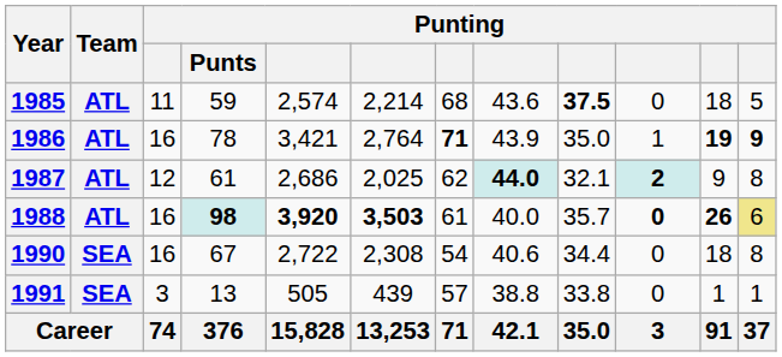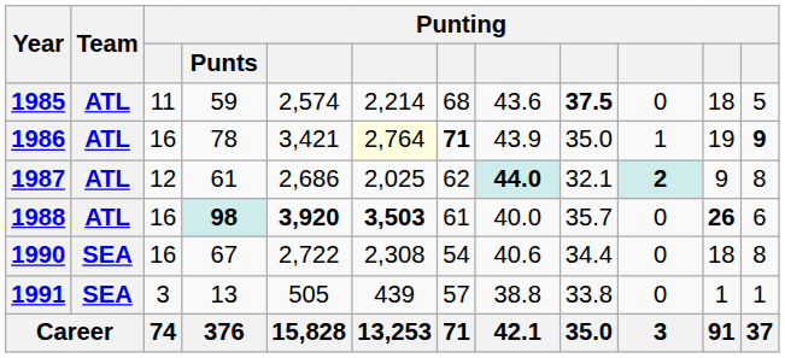 <table class=wikitable style="text-align:center;">
 <tr>
 <th rowspan="2">Year</th>
 <th rowspan="2">Team</th>
 <th colspan="10">Punting</th>
 </tr>
 <tr>
 <th></th>
 <th>Punts</th>
 <th></th>
 <th></th>
 <th></th>
 <th></th>
 <th></th>
 <th></th>
 <th></th>
 <th></th>
 </tr>
 <tr>
 <th><a href='#'>1985</a></th>
 <th><a href='#'>ATL</a></th>
 <td>11</td>
 <td>59</td>
 <td>2,574</td>
 <td>2,214</td>
 <td>68</td>
 <td>43.6</td>
 <td><strong>37.5</strong></td>
 <td>0</td>
 <td>18</td>
 <td>5</td>
 </tr>
 <tr>
 <th><a href='#'>1986</a></th>
 <th><a href='#'>ATL</a></th>
 <td>16</td>
 <td>78</td>
 <td>3,421</td>
-<td>2,764</td>
+<td style="background: lightyellow;">2,764</td>
 <td><strong>71</strong></td>
 <td>43.9</td>
 <td>35.0</td>
 <td>1</td>
-<td><strong>19</strong></td>
+<td>19</td>
 <td><strong>9</strong></td>
 </tr>
 <tr>
 <th><a href='#'>1987</a></th>
 <th><a href='#'>ATL</a></th>
 <td>12</td>
 <td>61</td>
 <td>2,686</td>
 <td>2,025</td>
 <td>62</td>
 <td style="background:#cfecec; width:3em;"><strong>44.0</strong></td>
 <td>32.1</td>
 <td style="background:#cfecec; width:3em;"><strong>2</strong></td>
 <td>9</td>
 <td>8</td>
 </tr>
 <tr>
 <th><a href='#'>1988</a></th>
 <th><a href='#'>ATL</a></th>
 <td>16</td>
 <td style="background:#cfecec; width:3em;"><strong>98</strong></td>
 <td><strong>3,920</strong></td>
 <td><strong>3,503</strong></td>
 <td>61</td>
 <td>40.0</td>
 <td>35.7</td>
-<td><strong>0</strong></td>
+<td>0</td>
 <td><strong>26</strong></td>
-<td style="background: khaki;">6</td>
+<td>6</td>
 </tr>
 <tr>
 <th><a href='#'>1990</a></th>
 <th><a href='#'>SEA</a></th>
 <td>16</td>
 <td>67</td>
 <td>2,722</td>
 <td>2,308</td>
 <td>54</td>
 <td>40.6</td>
 <td>34.4</td>
 <td>0</td>
 <td>18</td>
 <td>8</td>
 </tr>
 <tr>
 <th><a href='#'>1991</a></th>
 <th><a href='#'>SEA</a></th>
 <td>3</td>
 <td>13</td>
 <td>505</td>
 <td>439</td>
 <td>57</td>
 <td>38.8</td>
 <td>33.8</td>
 <td>0</td>
 <td>1</td>
 <td>1</td>
 </tr>
 <tr>
 <th colspan="2">Career</th>
 <th>74</th>
 <th>376</th>
 <th>15,828</th>
 <th>13,253</th>
 <th>71</th>
 <th>42.1</th>
 <th>35.0</th>
 <th>3</th>
 <th>91</th>
 <th>37</th>
 </tr>
 </table>
